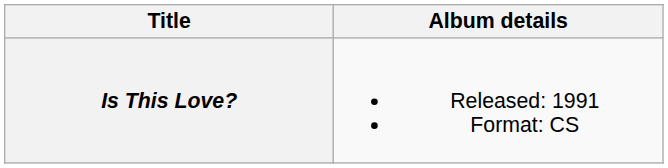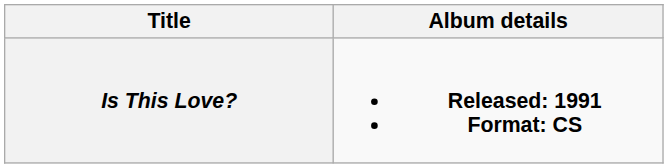 <table class="wikitable plainrowheaders" style="text-align:center;" border="1">
 <tr>
 <th scope="col" style="width:15em;">Title</th>
 <th scope="col" style="width:15em;">Album details</th>
 </tr>
 <tr>
 <th scope="row"><em>Is This Love?</em></th>
-<td><br><ul><li>Released: 1991</li><li>Format: CS</li></ul></td>
+<td><strong><br><ul><li>Released: 1991</li><li>Format: CS</li></ul></strong></td>
 </tr>
 </table>
